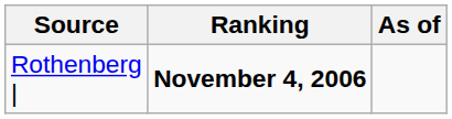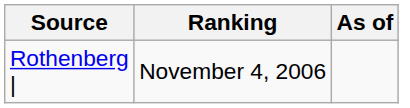 <table class="wikitable" style="text-align:center">
 <tr>
 <th>Source</th>
 <th>Ranking</th>
 <th>As of</th>
 </tr>
 <tr>
 <td style="text-align:left"><a href='#'>Rothenberg</a><br>| </td>
-<td><strong>November 4, 2006</strong></td>
+<td>November 4, 2006</td>
 </tr>
 </table>
